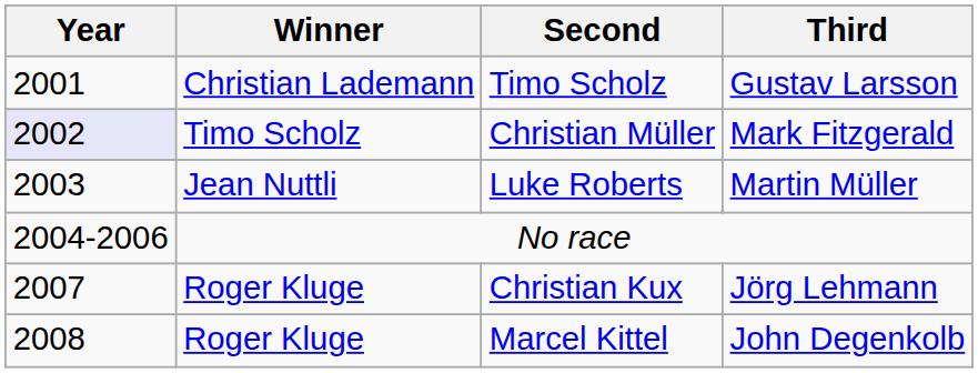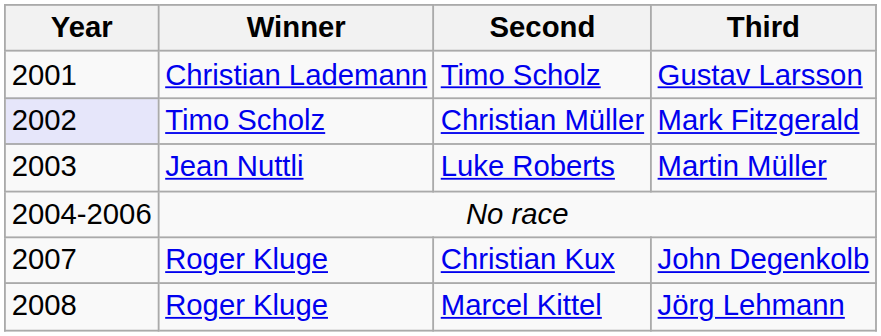 <table class="wikitable">
 <tr>
 <th>Year</th>
 <th>Winner</th>
 <th>Second</th>
 <th>Third</th>
 </tr>
 <tr>
 <td>2001</td>
 <td> <a href='#'>Christian Lademann</a></td>
 <td> <a href='#'>Timo Scholz</a></td>
 <td> <a href='#'>Gustav Larsson</a></td>
 </tr>
 <tr>
 <td style="background: lavender;">2002</td>
 <td> <a href='#'>Timo Scholz</a></td>
 <td> <a href='#'>Christian Müller</a></td>
 <td> <a href='#'>Mark Fitzgerald</a></td>
 </tr>
 <tr>
 <td>2003</td>
 <td> <a href='#'>Jean Nuttli</a></td>
 <td> <a href='#'>Luke Roberts</a></td>
 <td> <a href='#'>Martin Müller</a></td>
 </tr>
 <tr>
 <td>2004-2006</td>
 <td colspan=3; align=center><em>No race</em></td>
 </tr>
 <tr>
 <td>2007</td>
 <td> <a href='#'>Roger Kluge</a></td>
 <td> <a href='#'>Christian Kux</a></td>
-<td> <a href='#'>Jörg Lehmann</a></td>
+<td> <a href='#'>John Degenkolb</a></td>
 </tr>
 <tr>
 <td>2008</td>
 <td> <a href='#'>Roger Kluge</a></td>
 <td> <a href='#'>Marcel Kittel</a></td>
-<td> <a href='#'>John Degenkolb</a></td>
+<td> <a href='#'>Jörg Lehmann</a></td>
 </tr>
 </table>
